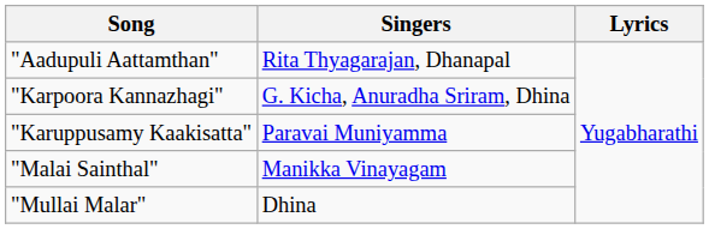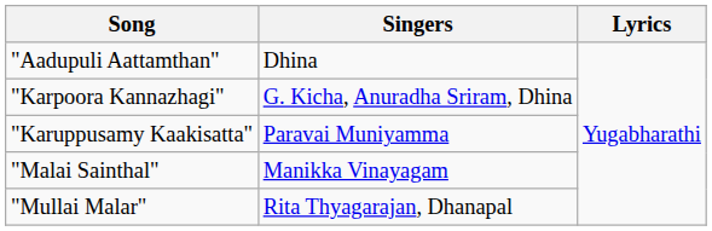 <table class="wikitable" style="font-size:95%;">
 <tr>
 <th>Song</th>
 <th>Singers</th>
 <th>Lyrics</th>
 </tr>
 <tr>
 <td>"Aadupuli Aattamthan"</td>
-<td><a href='#'>Rita Thyagarajan</a>, Dhanapal</td>
+<td>Dhina</td>
 <td rowspan=5><a href='#'>Yugabharathi</a></td>
 </tr>
 <tr>
 <td>"Karpoora Kannazhagi"</td>
 <td><a href='#'>G. Kicha</a>, <a href='#'>Anuradha Sriram</a>, Dhina</td>
 </tr>
 <tr>
 <td>"Karuppusamy Kaakisatta"</td>
 <td><a href='#'>Paravai Muniyamma</a></td>
 </tr>
 <tr>
 <td>"Malai Sainthal"</td>
 <td><a href='#'>Manikka Vinayagam</a></td>
 </tr>
 <tr>
 <td>"Mullai Malar"</td>
-<td>Dhina</td>
+<td><a href='#'>Rita Thyagarajan</a>, Dhanapal</td>
 </tr>
 </table>
